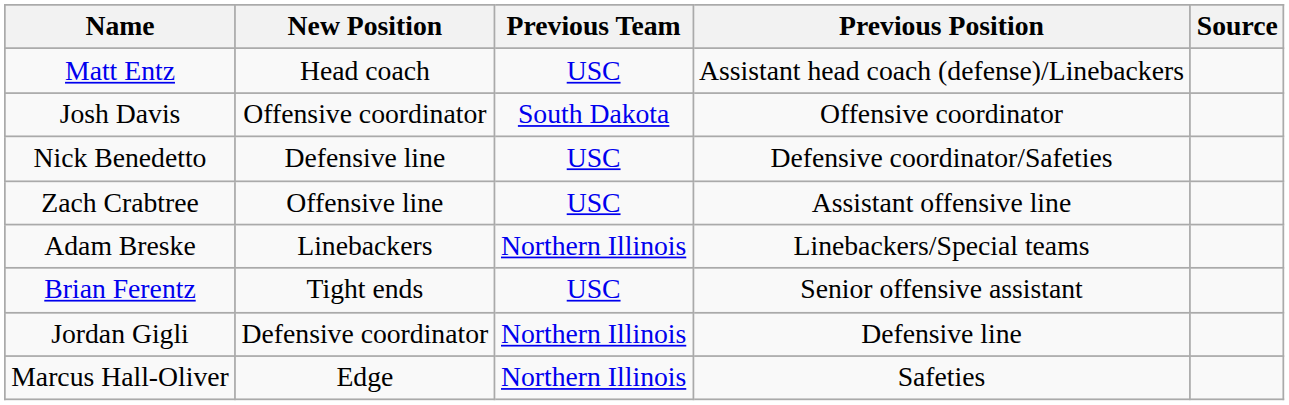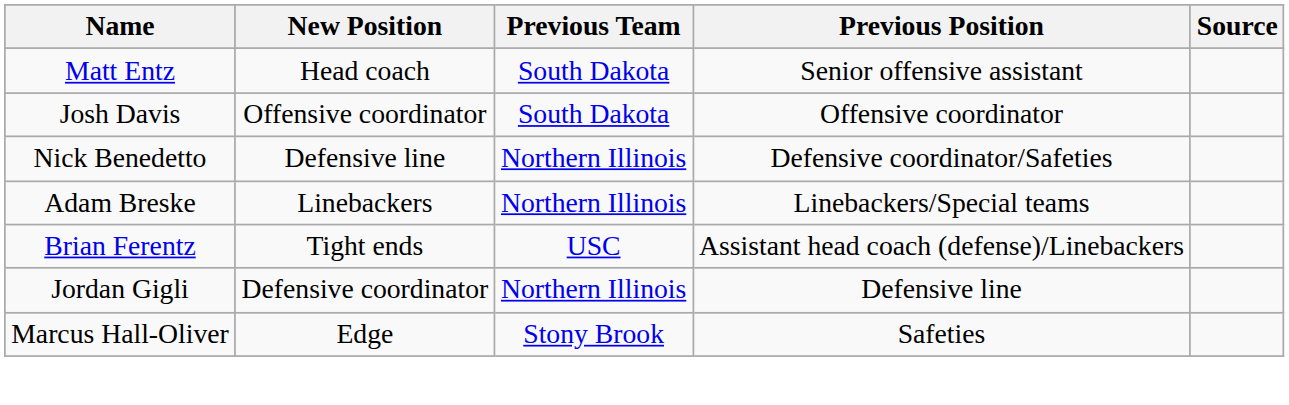 <table class="wikitable">
 <tr>
 <th style="text-align:center; ">Name</th>
 <th style="text-align:center; ">New Position</th>
 <th style="text-align:center; ">Previous Team</th>
 <th style="text-align:center; ">Previous Position</th>
 <th style="text-align:center; ">Source</th>
 </tr>
 <tr align="center">
 <td><a href='#'>Matt Entz</a></td>
 <td>Head coach</td>
-<td><a href='#'>USC</a></td>
-<td>Assistant head coach (defense)/Linebackers</td>
+<td><a href='#'>South Dakota</a></td>
+<td>Senior offensive assistant</td>
 <td></td>
 </tr>
 <tr align="center">
 <td>Josh Davis</td>
 <td>Offensive coordinator</td>
 <td><a href='#'>South Dakota</a></td>
 <td>Offensive coordinator</td>
 <td></td>
 </tr>
 <tr align="center">
 <td>Nick Benedetto</td>
 <td>Defensive line</td>
-<td><a href='#'>USC</a></td>
+<td><a href='#'>Northern Illinois</a></td>
 <td>Defensive coordinator/Safeties</td>
-<td></td>
-</tr>
-<tr align="center">
-<td>Zach Crabtree</td>
-<td>Offensive line</td>
-<td><a href='#'>USC</a></td>
-<td>Assistant offensive line</td>
 <td></td>
 </tr>
 <tr align="center">
 <td>Adam Breske</td>
 <td>Linebackers</td>
 <td><a href='#'>Northern Illinois</a></td>
 <td>Linebackers/Special teams</td>
 <td></td>
 </tr>
 <tr align="center">
 <td><a href='#'>Brian Ferentz</a></td>
 <td>Tight ends</td>
 <td><a href='#'>USC</a></td>
-<td>Senior offensive assistant</td>
+<td>Assistant head coach (defense)/Linebackers</td>
 <td></td>
 </tr>
 <tr align="center">
 <td>Jordan Gigli</td>
 <td>Defensive coordinator</td>
 <td><a href='#'>Northern Illinois</a></td>
 <td>Defensive line</td>
 <td></td>
 </tr>
 <tr align="center">
 <td>Marcus Hall-Oliver</td>
 <td>Edge</td>
-<td><a href='#'>Northern Illinois</a></td>
+<td><a href='#'>Stony Brook</a></td>
 <td>Safeties</td>
 <td></td>
 </tr>
 </table>
